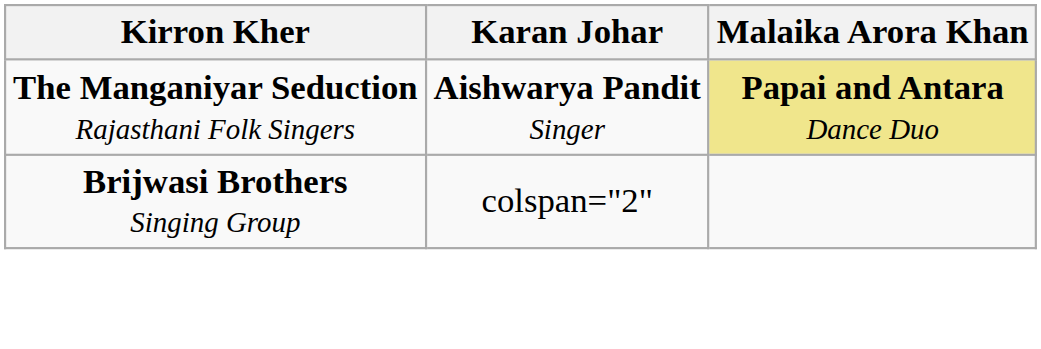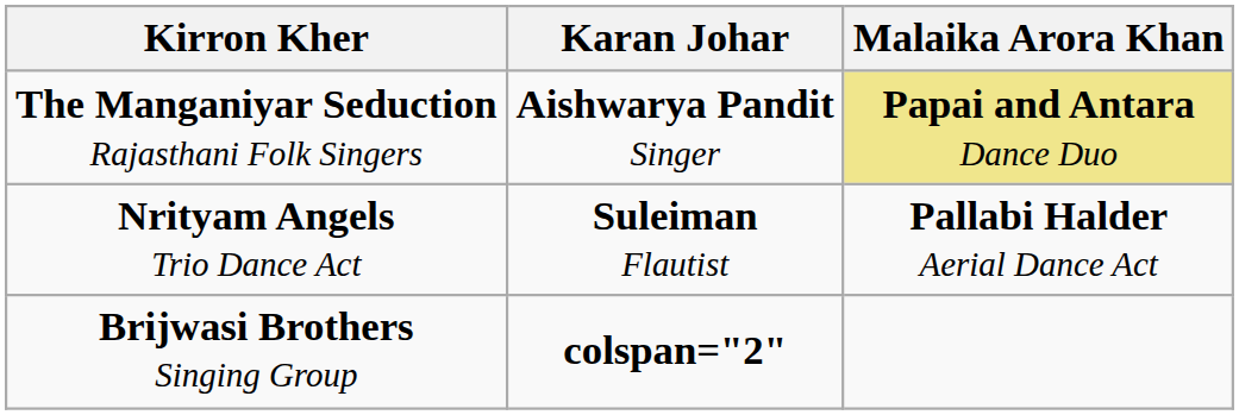 <table class="wikitable" style=" text-align:center;">
 <tr>
 <th>Kirron Kher</th>
 <th>Karan Johar</th>
 <th>Malaika Arora Khan</th>
 </tr>
 <tr>
 <td><strong>The Manganiyar Seduction</strong><br><em><small>Rajasthani Folk Singers</small></em></td>
 <td><strong>Aishwarya Pandit</strong><br><small><em>Singer</em></small></td>
 <td style="background: khaki;"><strong>Papai and Antara</strong><br><small><em>Dance Duo</em></small></td>
 </tr>
 <tr>
+<td><strong>Nrityam Angels</strong><br><small><em>Trio Dance Act</em></small></td>
+<td><strong>Suleiman</strong><br><small><em>Flautist</em></small></td>
+<td><strong>Pallabi Halder</strong><br><small><em>Aerial Dance Act</em></small></td>
+</tr>
+<tr>
 <td><strong>Brijwasi Brothers</strong><br><small><em>Singing Group</em></small></td>
-<td>colspan="2" </td>
+<td><strong>colspan="2" </strong></td>
 </tr>
 </table>
